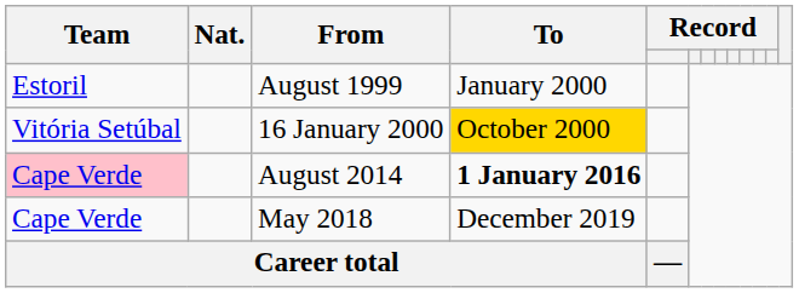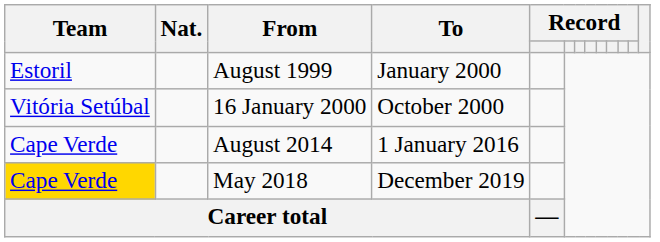 <table class="wikitable" style="text-align: center">
 <tr>
 <th rowspan="2">Team</th>
 <th rowspan="2">Nat.</th>
 <th rowspan="2">From</th>
 <th rowspan="2">To</th>
 <th colspan="8">Record</th>
 <th rowspan=2></th>
 </tr>
 <tr>
 <th></th>
 <th></th>
 <th></th>
 <th></th>
 <th></th>
 <th></th>
 <th></th>
 <th></th>
 </tr>
 <tr>
 <td align="left"><a href='#'>Estoril</a></td>
 <td></td>
 <td align=left>August 1999</td>
 <td align=left>January 2000<br></td>
 <td></td>
 </tr>
 <tr>
 <td align="left"><a href='#'>Vitória Setúbal</a></td>
 <td></td>
 <td align=left>16 January 2000</td>
-<td align=left style="background: gold;">October 2000<br></td>
-<td></td>
-</tr>
-<tr>
-<td align="left" style="background: pink;"><a href='#'>Cape Verde</a></td>
-<td></td>
-<td align=left>August 2014</td>
-<td align=left><strong>1 January 2016<br></strong></td>
+<td align=left>October 2000<br></td>
 <td></td>
 </tr>
 <tr>
 <td align="left"><a href='#'>Cape Verde</a></td>
+<td></td>
+<td align=left>August 2014</td>
+<td align=left>1 January 2016<br></td>
+<td></td>
+</tr>
+<tr>
+<td align="left" style="background: gold;"><a href='#'>Cape Verde</a></td>
 <td></td>
 <td align=left>May 2018</td>
 <td align=left>December 2019<br></td>
 <td></td>
 </tr>
 <tr>
 <th colspan=4><strong>Career total</strong><br></th>
 <th>—</th>
 </tr>
 </table>
